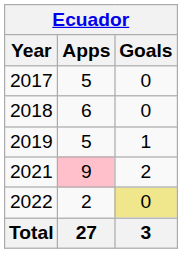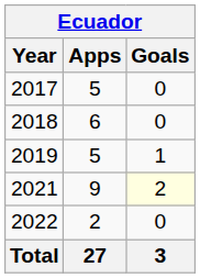 <table class="wikitable" style="text-align:center">
 <tr>
 <th colspan=3><a href='#'>Ecuador</a></th>
 </tr>
 <tr>
 <th>Year</th>
 <th>Apps</th>
 <th>Goals</th>
 </tr>
 <tr>
 <td>2017</td>
 <td>5</td>
 <td>0</td>
 </tr>
 <tr>
 <td>2018</td>
 <td>6</td>
 <td>0</td>
 </tr>
 <tr>
 <td>2019</td>
 <td>5</td>
 <td>1</td>
 </tr>
 <tr>
 <td>2021</td>
-<td style="background: pink;">9</td>
-<td>2</td>
+<td>9</td>
+<td style="background: lightyellow;">2</td>
 </tr>
 <tr>
 <td>2022</td>
 <td>2</td>
-<td style="background: khaki;">0</td>
+<td>0</td>
 </tr>
 <tr>
 <th>Total</th>
 <th>27</th>
 <th>3</th>
 </tr>
 </table>
